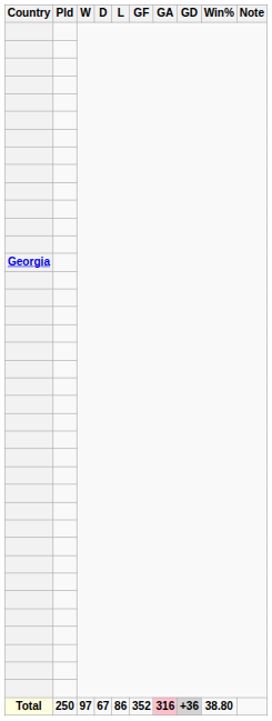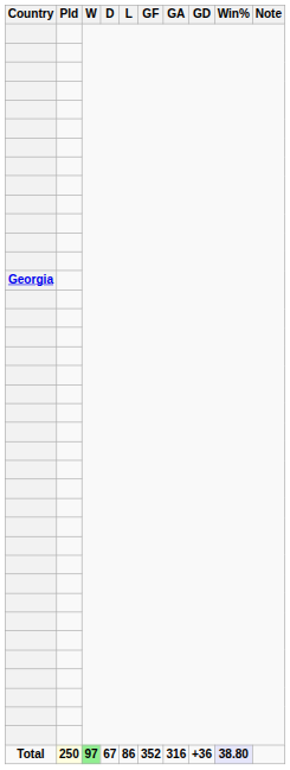 <table class="wikitable sortable plainrowheaders" style="text-align:center">
 <tr>
 <th scope="col">Country</th>
 <th scope="col">Pld</th>
 <th scope="col">W</th>
 <th scope="col">D</th>
 <th scope="col">L</th>
 <th scope="col">GF</th>
 <th scope="col">GA</th>
 <th scope="col">GD</th>
 <th scope="col">Win%</th>
 <th scope="col">Note</th>
 </tr>
 <tr>
 <th scope="row" align=left><br></th>
 <td></td>
 </tr>
 <tr>
 <th scope="row" align=left><br></th>
 <td></td>
 </tr>
 <tr>
 <th scope="row" align=left><br></th>
 <td></td>
 </tr>
 <tr>
 <th scope="row" align=left><br></th>
 <td></td>
 </tr>
 <tr>
 <th scope="row" align=left><br></th>
 <td></td>
 </tr>
 <tr>
 <th scope="row" align=left><br></th>
 <td></td>
 </tr>
 <tr>
 <th scope="row" align=left><br></th>
 <td></td>
 </tr>
 <tr>
 <th scope="row" align=left><br></th>
 <td></td>
 </tr>
 <tr>
 <th scope="row" align=left><br></th>
 <td></td>
 </tr>
 <tr>
 <th scope="row" align=left><br></th>
 <td></td>
 </tr>
 <tr>
 <th scope="row" align=left><br></th>
 <td></td>
 </tr>
 <tr>
 <th scope="row" align=left><br></th>
 <td></td>
 </tr>
 <tr>
 <th scope="row" align=left><br></th>
 <td></td>
 </tr>
 <tr>
 <th scope="row" align=left> <a href='#'>Georgia</a><br></th>
 <td></td>
 </tr>
 <tr>
 <th scope="row" align=left><br></th>
 <td></td>
 </tr>
 <tr>
 <th scope="row" align=left><br></th>
 <td></td>
 </tr>
 <tr>
 <th scope="row" align=left><br></th>
 <td></td>
 </tr>
 <tr>
 <th scope="row" align=left><br></th>
 <td></td>
 </tr>
 <tr>
 <th scope="row" align=left><br></th>
 <td></td>
 </tr>
 <tr>
 <th scope="row" align=left><br></th>
 <td></td>
 </tr>
 <tr>
 <th scope="row" align=left><br></th>
 <td></td>
 </tr>
 <tr>
 <th scope="row" align=left><br></th>
 <td></td>
 </tr>
 <tr>
 <th scope="row" align=left><br></th>
 <td></td>
 </tr>
 <tr>
 <th scope="row" align=left><br></th>
 <td></td>
 </tr>
 <tr>
 <th scope="row" align=left><br></th>
 <td></td>
 </tr>
 <tr>
 <th scope="row" align=left><br></th>
 <td></td>
 </tr>
 <tr>
 <th scope="row" align=left><br></th>
 <td></td>
 </tr>
 <tr>
 <th scope="row" align=left><br></th>
 <td></td>
 </tr>
 <tr>
 <th scope="row" align=left><br></th>
 <td></td>
 </tr>
 <tr>
 <th scope="row" align=left><br></th>
 <td></td>
 </tr>
 <tr>
 <th scope="row" align=left><br></th>
 <td></td>
 </tr>
 <tr>
 <th scope="row" align=left><br></th>
 <td></td>
 </tr>
 <tr>
 <th scope="row" align=left><br></th>
 <td></td>
 </tr>
 <tr>
 <th scope="row" align=left><br></th>
 <td></td>
 </tr>
 <tr>
 <th scope="row" align=left><br></th>
 <td></td>
 </tr>
 <tr>
 <th scope="row" align=left><br></th>
 <td></td>
 </tr>
 <tr>
 <th scope="row" align=left><br></th>
 <td></td>
 </tr>
 <tr>
 <th scope="row" align=left><br></th>
 <td></td>
 </tr>
 <tr>
-<td style="background: lightyellow;"><strong>Total</strong></td>
-<td><strong>250</strong></td>
-<td><strong>97</strong></td>
+<td><strong>Total</strong></td>
+<td style="background: lightyellow;"><strong>250</strong></td>
+<td style="background: lightgreen;"><strong>97</strong></td>
 <td><strong>67</strong></td>
 <td><strong>86</strong></td>
 <td><strong>352</strong></td>
-<td style="background: pink;"><strong>316</strong></td>
-<td style="background: lightgrey;"><strong>+36</strong></td>
-<td><strong>38.80</strong></td>
+<td><strong>316</strong></td>
+<td><strong>+36</strong></td>
+<td style="background: lavender;"><strong>38.80</strong></td>
 <td></td>
 </tr>
 </table>
